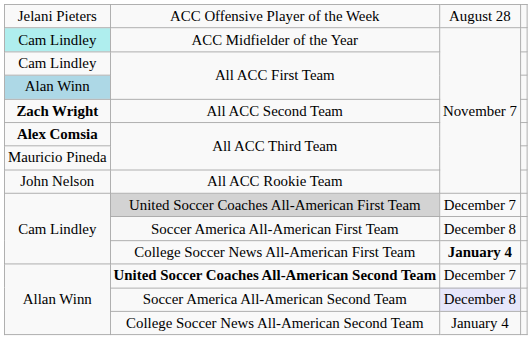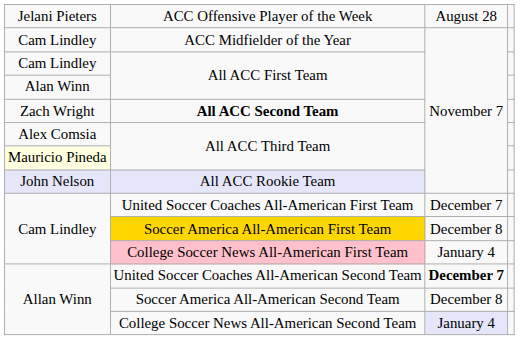 <table class="wikitable sortable" style="text-align: center">
 <tr>
 <td>Jelani Pieters</td>
 <td>ACC Offensive Player of the Week</td>
 <td>August 28</td>
 <td></td>
 </tr>
 <tr>
-<td style="background: paleturquoise;">Cam Lindley</td>
+<td>Cam Lindley</td>
 <td>ACC Midfielder of the Year</td>
 <td rowspan="7">November 7</td>
 <td></td>
 </tr>
 <tr>
 <td>Cam Lindley</td>
 <td rowspan="2">All ACC First Team</td>
 <td></td>
 </tr>
 <tr>
-<td style="background: lightblue;">Alan Winn</td>
+<td>Alan Winn</td>
 <td></td>
 </tr>
 <tr>
-<td><strong>Zach Wright</strong></td>
-<td>All ACC Second Team</td>
+<td>Zach Wright</td>
+<td><strong>All ACC Second Team</strong></td>
 <td></td>
 </tr>
 <tr>
-<td><strong>Alex Comsia</strong></td>
+<td>Alex Comsia</td>
 <td rowspan="2">All ACC Third Team</td>
 <td></td>
 </tr>
 <tr>
-<td>Mauricio Pineda</td>
+<td style="background: lightyellow;">Mauricio Pineda</td>
 <td></td>
 </tr>
 <tr>
-<td>John Nelson</td>
-<td>All ACC Rookie Team</td>
+<td style="background: lavender;">John Nelson</td>
+<td style="background: lavender;">All ACC Rookie Team</td>
 <td></td>
 </tr>
 <tr>
 <td rowspan="3">Cam Lindley</td>
-<td style="background: lightgrey;">United Soccer Coaches All-American First Team</td>
+<td>United Soccer Coaches All-American First Team</td>
 <td>December 7</td>
 <td></td>
 </tr>
 <tr>
-<td>Soccer America All-American First Team</td>
+<td style="background: gold;">Soccer America All-American First Team</td>
 <td>December 8</td>
 <td></td>
 </tr>
 <tr>
-<td>College Soccer News All-American First Team</td>
-<td><strong>January 4</strong></td>
+<td style="background: pink;">College Soccer News All-American First Team</td>
+<td>January 4</td>
 <td></td>
 </tr>
 <tr>
 <td rowspan="3">Allan Winn</td>
-<td><strong>United Soccer Coaches All-American Second Team</strong></td>
-<td>December 7</td>
+<td>United Soccer Coaches All-American Second Team</td>
+<td><strong>December 7</strong></td>
 <td></td>
 </tr>
 <tr>
 <td>Soccer America All-American Second Team</td>
-<td style="background: lavender;">December 8</td>
+<td>December 8</td>
 <td></td>
 </tr>
 <tr>
 <td>College Soccer News All-American Second Team</td>
-<td>January 4</td>
+<td style="background: lavender;">January 4</td>
 <td></td>
 </tr>
 </table>
